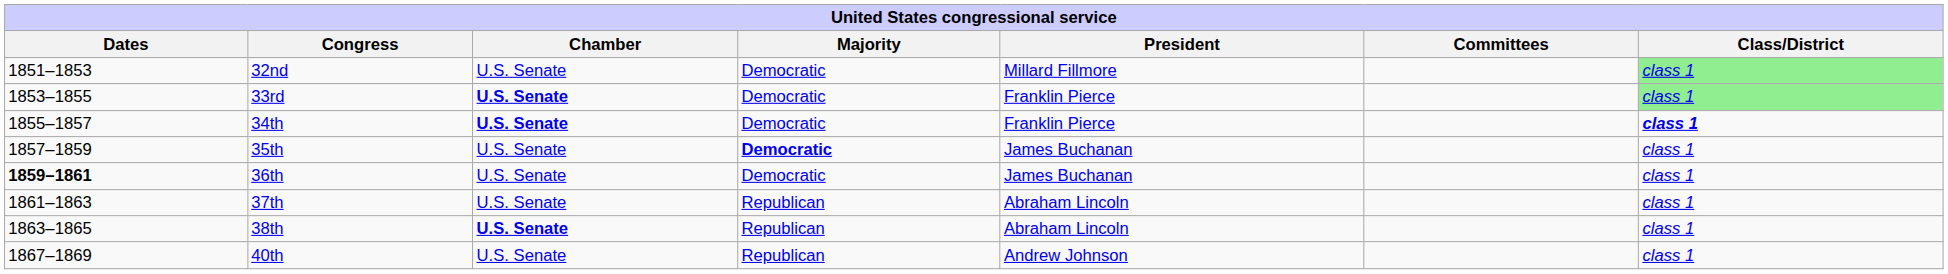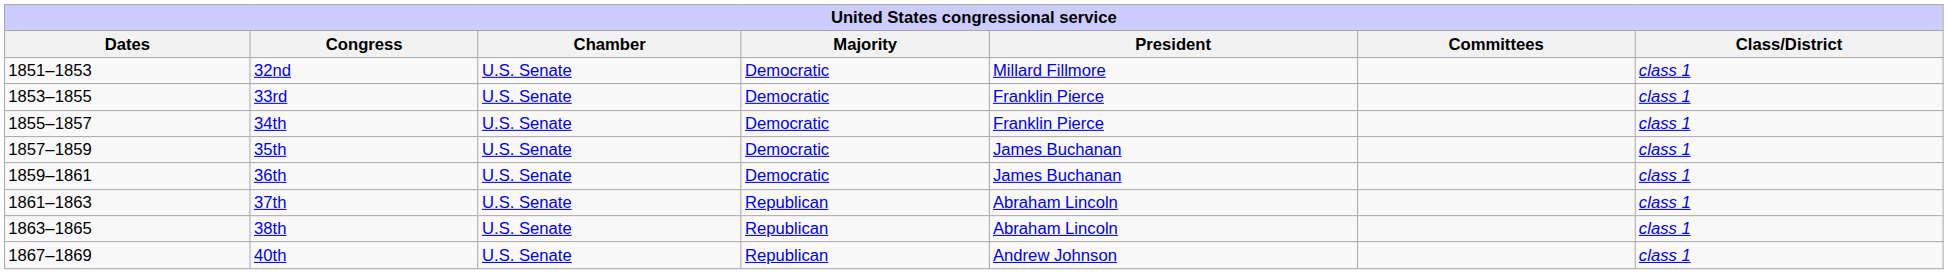 <table class=wikitable style="width: 94%" style="text-align: center;" align="center">
 <tr bgcolor=#cccccc>
 <th colspan=7 style="background: #ccccff;">United States congressional service</th>
 </tr>
 <tr>
 <th><strong>Dates</strong></th>
 <th><strong>Congress</strong></th>
 <th><strong>Chamber</strong></th>
 <th><strong>Majority</strong></th>
 <th><strong>President</strong></th>
 <th><strong>Committees</strong></th>
 <th><strong>Class/District</strong></th>
 </tr>
 <tr>
 <td>1851–1853</td>
 <td><a href='#'>32nd</a></td>
 <td><a href='#'>U.S. Senate</a></td>
 <td><a href='#'>Democratic</a></td>
 <td><a href='#'>Millard Fillmore</a></td>
 <td></td>
-<td style="background: lightgreen;"><a href='#'><em>class 1</em></a></td>
+<td><a href='#'><em>class 1</em></a></td>
 </tr>
 <tr>
 <td>1853–1855</td>
 <td><a href='#'>33rd</a></td>
-<td><strong><a href='#'>U.S. Senate</a></strong></td>
+<td><a href='#'>U.S. Senate</a></td>
 <td><a href='#'>Democratic</a></td>
 <td><a href='#'>Franklin Pierce</a></td>
 <td></td>
-<td style="background: lightgreen;"><a href='#'><em>class 1</em></a></td>
+<td><a href='#'><em>class 1</em></a></td>
 </tr>
 <tr>
 <td>1855–1857</td>
 <td><a href='#'>34th</a></td>
-<td><strong><a href='#'>U.S. Senate</a></strong></td>
+<td><a href='#'>U.S. Senate</a></td>
 <td><a href='#'>Democratic</a></td>
 <td><a href='#'>Franklin Pierce</a></td>
 <td></td>
-<td><strong><a href='#'><em>class 1</em></a></strong></td>
+<td><a href='#'><em>class 1</em></a></td>
 </tr>
 <tr>
 <td>1857–1859</td>
 <td><a href='#'>35th</a></td>
 <td><a href='#'>U.S. Senate</a></td>
-<td><strong><a href='#'>Democratic</a></strong></td>
+<td><a href='#'>Democratic</a></td>
 <td><a href='#'>James Buchanan</a></td>
 <td></td>
 <td><a href='#'><em>class 1</em></a></td>
 </tr>
 <tr>
-<td><strong>1859–1861</strong></td>
+<td>1859–1861</td>
 <td><a href='#'>36th</a></td>
 <td><a href='#'>U.S. Senate</a></td>
 <td><a href='#'>Democratic</a></td>
 <td><a href='#'>James Buchanan</a></td>
 <td></td>
 <td><a href='#'><em>class 1</em></a></td>
 </tr>
 <tr>
 <td>1861–1863</td>
 <td><a href='#'>37th</a></td>
 <td><a href='#'>U.S. Senate</a></td>
 <td><a href='#'>Republican</a></td>
 <td><a href='#'>Abraham Lincoln</a></td>
 <td></td>
 <td><a href='#'><em>class 1</em></a></td>
 </tr>
 <tr>
 <td>1863–1865</td>
 <td><a href='#'>38th</a></td>
-<td><strong><a href='#'>U.S. Senate</a></strong></td>
+<td><a href='#'>U.S. Senate</a></td>
 <td><a href='#'>Republican</a></td>
 <td><a href='#'>Abraham Lincoln</a></td>
 <td></td>
 <td><a href='#'><em>class 1</em></a></td>
 </tr>
 <tr>
 <td>1867–1869</td>
 <td><a href='#'>40th</a></td>
 <td><a href='#'>U.S. Senate</a></td>
 <td><a href='#'>Republican</a></td>
 <td><a href='#'>Andrew Johnson</a></td>
 <td></td>
 <td><a href='#'><em>class 1</em></a></td>
 </tr>
 </table>
